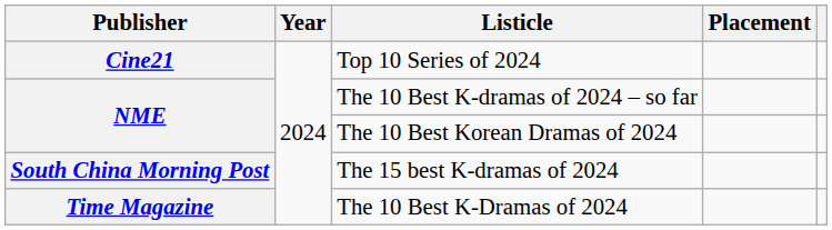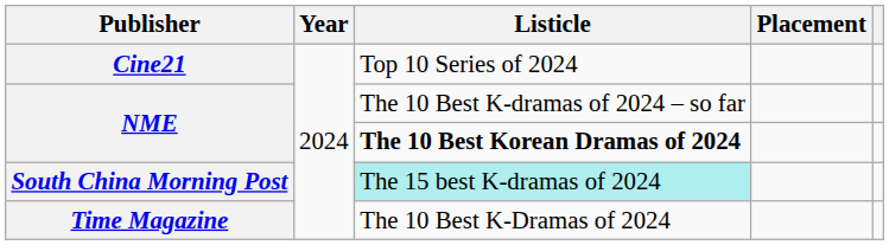 <table class="wikitable plainrowheaders sortable" style="text-align:center">
 <tr>
 <th scope="col">Publisher</th>
 <th scope="col">Year</th>
 <th scope="col">Listicle</th>
 <th scope="col">Placement</th>
 <th scope="col" class="unsortable"></th>
 </tr>
 <tr>
 <th scope="row"><em><a href='#'>Cine21</a></em></th>
 <td rowspan="5">2024</td>
 <td style="text-align:left">Top 10 Series of 2024</td>
 <td></td>
 <td></td>
 </tr>
 <tr>
 <th scope="row" rowspan="2"><em><a href='#'>NME</a></em></th>
 <td style="text-align:left">The 10 Best K-dramas of 2024 – so far</td>
 <td></td>
 <td></td>
 </tr>
 <tr>
-<td style="text-align:left">The 10 Best Korean Dramas of 2024</td>
+<td style="text-align:left"><strong>The 10 Best Korean Dramas of 2024</strong></td>
 <td></td>
 <td></td>
 </tr>
 <tr>
 <th scope="row"><em><a href='#'>South China Morning Post</a></em></th>
-<td style="text-align:left">The 15 best K-dramas of 2024</td>
+<td style="background: paleturquoise; text-align:left">The 15 best K-dramas of 2024</td>
 <td></td>
 <td></td>
 </tr>
 <tr>
 <th scope="row"><em><a href='#'>Time Magazine</a></em></th>
 <td style="text-align:left">The 10 Best K-Dramas of 2024</td>
 <td></td>
 <td></td>
 </tr>
 </table>
